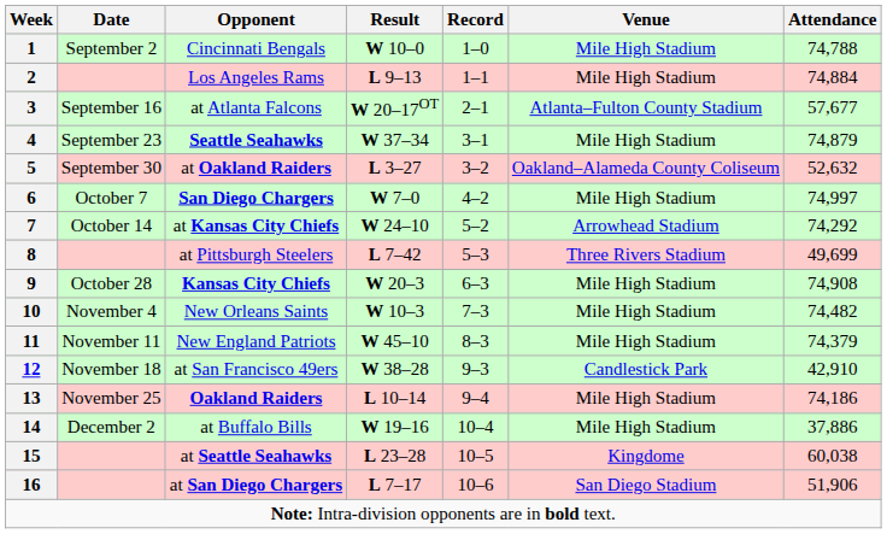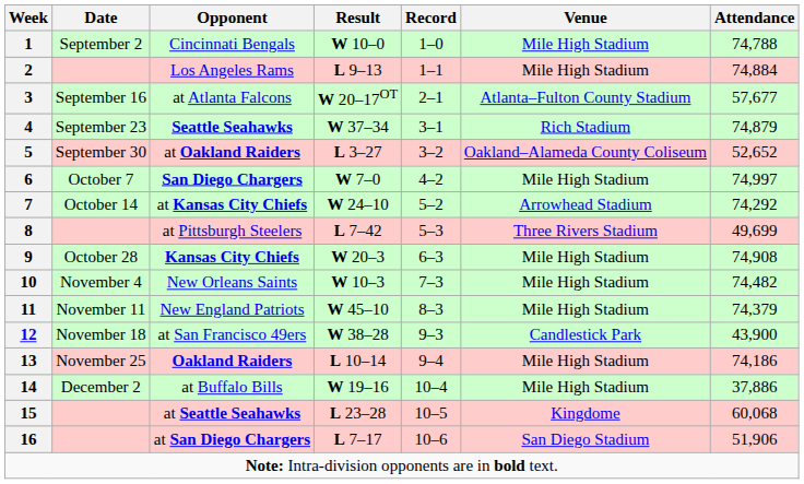 <table class="wikitable" style="text-align:center">
 <tr>
 <th>Week</th>
 <th>Date</th>
 <th>Opponent</th>
 <th>Result</th>
 <th>Record</th>
 <th>Venue</th>
 <th>Attendance</th>
 </tr>
 <tr style="background:#cfc">
 <th>1</th>
 <td>September 2</td>
 <td><a href='#'>Cincinnati Bengals</a></td>
 <td><strong>W</strong> 10–0</td>
 <td>1–0</td>
 <td><a href='#'>Mile High Stadium</a></td>
 <td>74,788</td>
 </tr>
 <tr style="background:#fcc">
 <th>2</th>
 <td></td>
 <td><a href='#'>Los Angeles Rams</a></td>
 <td><strong>L</strong> 9–13</td>
 <td>1–1</td>
 <td>Mile High Stadium</td>
 <td>74,884</td>
 </tr>
 <tr style="background:#cfc">
 <th>3</th>
 <td>September 16</td>
 <td>at <a href='#'>Atlanta Falcons</a></td>
 <td><strong>W</strong> 20–17<sup>OT</sup></td>
 <td>2–1</td>
 <td><a href='#'>Atlanta–Fulton County Stadium</a></td>
 <td>57,677</td>
 </tr>
 <tr style="background:#cfc">
 <th>4</th>
 <td>September 23</td>
 <td><strong><a href='#'>Seattle Seahawks</a></strong></td>
 <td><strong>W</strong> 37–34</td>
 <td>3–1</td>
-<td>Mile High Stadium</td>
+<td><a href='#'>Rich Stadium</a></td>
 <td>74,879</td>
 </tr>
 <tr style="background:#fcc">
 <th>5</th>
 <td>September 30</td>
 <td>at <strong><a href='#'>Oakland Raiders</a></strong></td>
 <td><strong>L</strong> 3–27</td>
 <td>3–2</td>
 <td><a href='#'>Oakland–Alameda County Coliseum</a></td>
-<td>52,632</td>
+<td>52,652</td>
 </tr>
 <tr style="background:#cfc">
 <th>6</th>
 <td>October 7</td>
 <td><strong><a href='#'>San Diego Chargers</a></strong></td>
 <td><strong>W</strong> 7–0</td>
 <td>4–2</td>
 <td>Mile High Stadium</td>
 <td>74,997</td>
 </tr>
 <tr style="background:#cfc">
 <th>7</th>
 <td>October 14</td>
 <td>at <strong><a href='#'>Kansas City Chiefs</a></strong></td>
 <td><strong>W</strong> 24–10</td>
 <td>5–2</td>
 <td><a href='#'>Arrowhead Stadium</a></td>
 <td>74,292</td>
 </tr>
 <tr style="background:#fcc">
 <th>8</th>
 <td></td>
 <td>at <a href='#'>Pittsburgh Steelers</a></td>
 <td><strong>L</strong> 7–42</td>
 <td>5–3</td>
 <td><a href='#'>Three Rivers Stadium</a></td>
 <td>49,699</td>
 </tr>
 <tr style="background:#cfc">
 <th>9</th>
 <td>October 28</td>
 <td><strong><a href='#'>Kansas City Chiefs</a></strong></td>
 <td><strong>W</strong> 20–3</td>
 <td>6–3</td>
 <td>Mile High Stadium</td>
 <td>74,908</td>
 </tr>
 <tr style="background:#cfc">
 <th>10</th>
 <td>November 4</td>
 <td><a href='#'>New Orleans Saints</a></td>
 <td><strong>W</strong> 10–3</td>
 <td>7–3</td>
 <td>Mile High Stadium</td>
 <td>74,482</td>
 </tr>
 <tr style="background:#cfc">
 <th>11</th>
 <td>November 11</td>
 <td><a href='#'>New England Patriots</a></td>
 <td><strong>W</strong> 45–10</td>
 <td>8–3</td>
 <td>Mile High Stadium</td>
 <td>74,379</td>
 </tr>
 <tr style="background:#cfc">
 <th><a href='#'>12</a></th>
 <td>November 18</td>
 <td>at <a href='#'>San Francisco 49ers</a></td>
 <td><strong>W</strong> 38–28</td>
 <td>9–3</td>
 <td><a href='#'>Candlestick Park</a></td>
-<td>42,910</td>
+<td>43,900</td>
 </tr>
 <tr style="background:#fcc">
 <th>13</th>
 <td>November 25</td>
 <td><strong><a href='#'>Oakland Raiders</a></strong></td>
 <td><strong>L</strong> 10–14</td>
 <td>9–4</td>
 <td>Mile High Stadium</td>
 <td>74,186</td>
 </tr>
 <tr style="background:#cfc">
 <th>14</th>
 <td>December 2</td>
 <td>at <a href='#'>Buffalo Bills</a></td>
 <td><strong>W</strong> 19–16</td>
 <td>10–4</td>
 <td>Mile High Stadium</td>
 <td>37,886</td>
 </tr>
 <tr style="background:#fcc">
 <th>15</th>
 <td></td>
 <td>at <strong><a href='#'>Seattle Seahawks</a></strong></td>
 <td><strong>L</strong> 23–28</td>
 <td>10–5</td>
 <td><a href='#'>Kingdome</a></td>
-<td>60,038</td>
+<td>60,068</td>
 </tr>
 <tr style="background:#fcc">
 <th>16</th>
 <td></td>
 <td>at <strong><a href='#'>San Diego Chargers</a></strong></td>
 <td><strong>L</strong> 7–17</td>
 <td>10–6</td>
 <td><a href='#'>San Diego Stadium</a></td>
 <td>51,906</td>
 </tr>
 <tr>
 <td colspan="8"><strong>Note:</strong> Intra-division opponents are in <strong>bold</strong> text.</td>
 </tr>
 </table>
